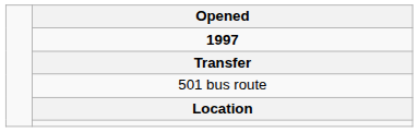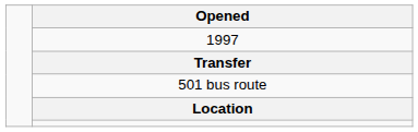 <table class=wikitable style="text-align: center; width: 450px; float:right">
 <tr>
 <td rowspan="6"></td>
 <th>Opened</th>
 </tr>
 <tr>
-<td><strong>1997</strong></td>
+<td>1997</td>
 </tr>
 <tr>
 <th>Transfer</th>
 </tr>
 <tr>
 <td>501 bus route</td>
 </tr>
 <tr>
 <th>Location</th>
 </tr>
 <tr>
 <td></td>
 </tr>
 </table>
